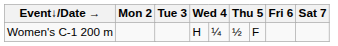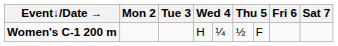 <table class="wikitable olympic-schedule canoeing">
 <tr>
 <th>Event↓/Date →</th>
 <th colspan="2">Mon 2</th>
 <th colspan="2">Tue 3</th>
 <th colspan="2">Wed 4</th>
 <th colspan="2">Thu 5</th>
 <th colspan="2">Fri 6</th>
 <th colspan="2">Sat 7</th>
 </tr>
 <tr>
-<td class="event">Women's C-1 200 m</td>
+<td class="event"><strong>Women's C-1 200 m</strong></td>
 <td colspan="2"></td>
 <td colspan="2"></td>
 <td class="heats">H</td>
 <td class="quarterfinals">¼</td>
 <td class="semifinals">½</td>
 <td class="final">F</td>
 <td colspan="2"></td>
 <td colspan="2"></td>
 </tr>
 </table>
